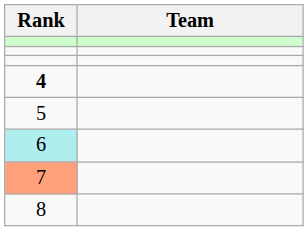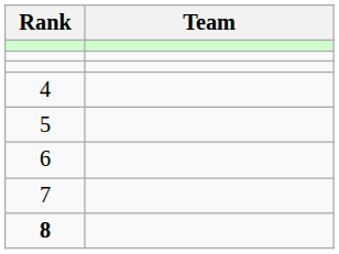 <table class="wikitable" style="text-align: center">
 <tr>
 <th width=50>Rank</th>
 <th width=170>Team</th>
 </tr>
 <tr bgcolor=ccffcc>
 <td></td>
 <td align=left></td>
 </tr>
 <tr>
 <td></td>
 <td align=left></td>
 </tr>
 <tr>
 <td></td>
 <td align=left></td>
 </tr>
 <tr>
-<td><strong>4</strong></td>
+<td>4</td>
 <td align=left></td>
 </tr>
 <tr>
 <td>5</td>
 <td align=left></td>
 </tr>
 <tr>
-<td style="background: paleturquoise;">6</td>
+<td>6</td>
 <td align=left></td>
 </tr>
 <tr>
-<td style="background: lightsalmon;">7</td>
+<td>7</td>
 <td align=left></td>
 </tr>
 <tr>
-<td>8</td>
+<td><strong>8</strong></td>
 <td align=left></td>
 </tr>
 </table>
